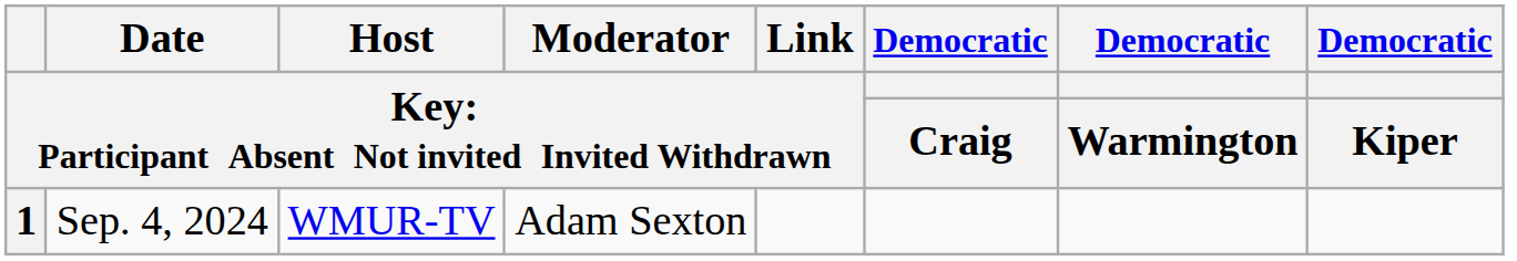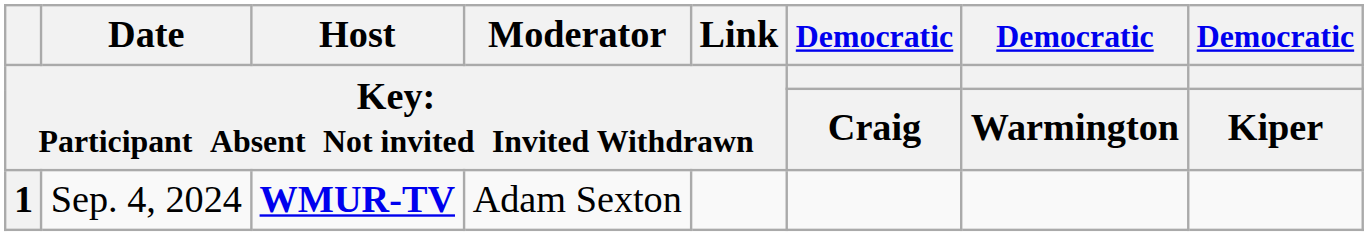 <table class="wikitable" style="text-align:center;">
 <tr>
 <th scope="col"></th>
 <th scope="col">Date</th>
 <th scope="col">Host</th>
 <th scope="col">Moderator</th>
 <th scope="col">Link</th>
 <th scope="col"><small><a href='#'>Democratic</a></small></th>
 <th scope="col"><small><a href='#'>Democratic</a></small></th>
 <th scope="col"><small><a href='#'>Democratic</a></small></th>
 </tr>
 <tr>
 <th colspan="5" rowspan="2">Key:<br> <small>Participant </small>  <small>Absent </small>  <small>Not invited </small>  <small>Invited  Withdrawn</small></th>
 <th scope="col" style="background:"></th>
 <th scope="col" style="background:"></th>
 <th scope="col" style="background:"></th>
 </tr>
 <tr>
 <th scope="col">Craig</th>
 <th scope="col">Warmington</th>
 <th scope="col">Kiper</th>
 </tr>
 <tr>
 <th>1</th>
 <td style="white-space:nowrap;">Sep. 4, 2024</td>
-<td style="white-space:nowrap;"><a href='#'>WMUR-TV</a></td>
+<td style="white-space:nowrap;"><strong><a href='#'>WMUR-TV</a></strong></td>
 <td style="white-space:nowrap;">Adam Sexton</td>
 <td style="white-space:nowrap;"></td>
 <td></td>
 <td></td>
 <td></td>
 </tr>
 </table>
